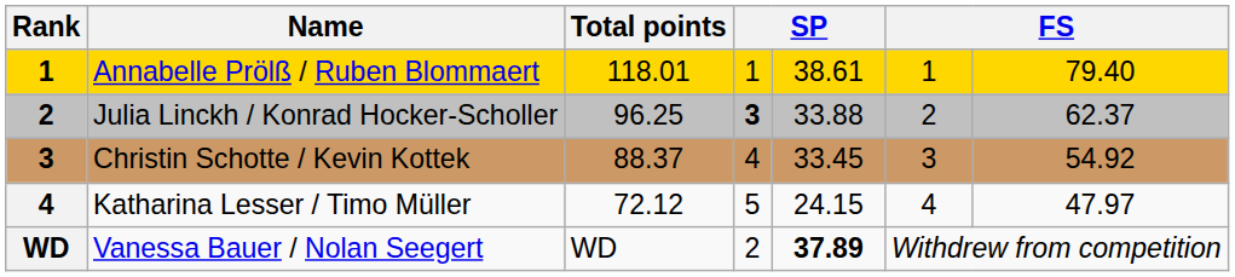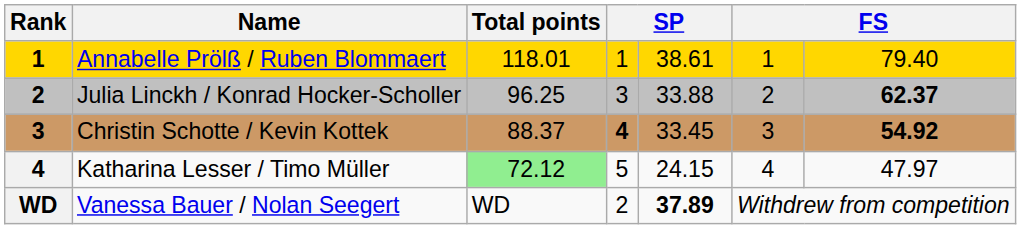 <table class="wikitable sortable">
 <tr>
 <th>Rank</th>
 <th>Name</th>
 <th>Total points</th>
 <th colspan="2" width="80px"><a href='#'>SP</a></th>
 <th colspan="2" width="80px"><a href='#'>FS</a></th>
 </tr>
 <tr bgcolor="gold">
 <td align="center"><strong>1</strong></td>
 <td><a href='#'>Annabelle Prölß</a> / <a href='#'>Ruben Blommaert</a></td>
 <td align="center">118.01</td>
 <td align="center">1</td>
 <td align="center">38.61</td>
 <td align="center">1</td>
 <td align="center">79.40</td>
 </tr>
 <tr bgcolor="silver">
 <td align="center"><strong>2</strong></td>
 <td>Julia Linckh / Konrad Hocker-Scholler</td>
 <td align="center">96.25</td>
-<td align="center"><strong>3</strong></td>
+<td align="center">3</td>
 <td align="center">33.88</td>
 <td align="center">2</td>
-<td align="center">62.37</td>
+<td align="center"><strong>62.37</strong></td>
 </tr>
 <tr bgcolor="cc9966">
 <td align="center"><strong>3</strong></td>
 <td>Christin Schotte / Kevin Kottek</td>
 <td align="center">88.37</td>
-<td align="center">4</td>
+<td align="center"><strong>4</strong></td>
 <td align="center">33.45</td>
 <td align="center">3</td>
-<td align="center">54.92</td>
+<td align="center"><strong>54.92</strong></td>
 </tr>
 <tr>
 <th>4</th>
 <td>Katharina Lesser / Timo Müller</td>
-<td align="center">72.12</td>
+<td align="center" style="background: lightgreen;">72.12</td>
 <td align="center">5</td>
 <td align="center">24.15</td>
 <td align="center">4</td>
 <td align="center">47.97</td>
 </tr>
 <tr>
 <th>WD</th>
 <td><a href='#'>Vanessa Bauer</a> / <a href='#'>Nolan Seegert</a></td>
 <td>WD</td>
 <td align="center">2</td>
 <td align="center"><strong>37.89</strong></td>
 <td colspan="2"><em>Withdrew from competition</em></td>
 </tr>
 </table>
